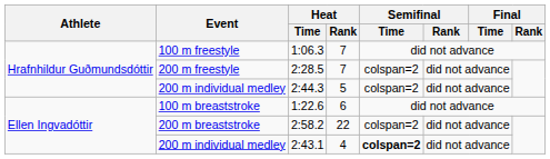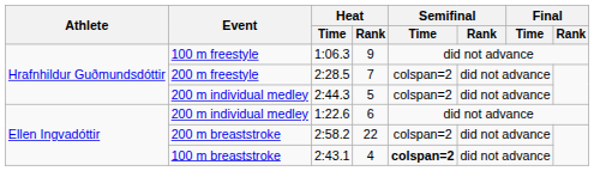 <table class=wikitable style="font-size:90%">
 <tr>
 <th rowspan="2">Athlete</th>
 <th rowspan="2">Event</th>
 <th colspan="2">Heat</th>
 <th colspan="2">Semifinal</th>
 <th colspan="2">Final</th>
 </tr>
 <tr style="font-size:95%">
 <th>Time</th>
 <th>Rank</th>
 <th>Time</th>
 <th>Rank</th>
 <th>Time</th>
 <th>Rank</th>
 </tr>
 <tr align=center>
 <td align=left rowspan=3><a href='#'>Hrafnhildur Guðmundsdóttir</a></td>
 <td align=left><a href='#'>100 m freestyle</a></td>
 <td>1:06.3</td>
-<td>7</td>
+<td>9</td>
 <td colspan=4>did not advance</td>
 </tr>
 <tr align=center>
 <td align=left><a href='#'>200 m freestyle</a></td>
 <td>2:28.5</td>
 <td>7</td>
 <td>colspan=2 </td>
 <td colspan=2>did not advance</td>
 </tr>
 <tr align=center>
 <td align=left><a href='#'>200 m individual medley</a></td>
 <td>2:44.3</td>
 <td>5</td>
 <td>colspan=2 </td>
 <td colspan=2>did not advance</td>
 </tr>
 <tr align=center>
 <td align=left rowspan=3><a href='#'>Ellen Ingvadóttir</a></td>
-<td align=left><a href='#'>100 m breaststroke</a></td>
+<td align=left><a href='#'>200 m individual medley</a></td>
 <td>1:22.6</td>
 <td>6</td>
 <td colspan=4>did not advance</td>
 </tr>
 <tr align=center>
 <td align=left><a href='#'>200 m breaststroke</a></td>
 <td>2:58.2</td>
 <td>22</td>
 <td>colspan=2 </td>
 <td colspan=2>did not advance</td>
 </tr>
 <tr align=center>
-<td align=left><a href='#'>200 m individual medley</a></td>
+<td align=left><a href='#'>100 m breaststroke</a></td>
 <td>2:43.1</td>
 <td>4</td>
 <td><strong>colspan=2 </strong></td>
 <td colspan=2>did not advance</td>
 </tr>
 </table>
